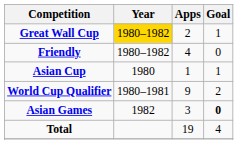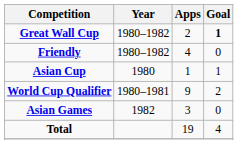 <table class="wikitable" style="font-size:90%; text-align: center;">
 <tr>
 <th>Competition</th>
 <th>Year</th>
 <th>Apps</th>
 <th>Goal</th>
 </tr>
 <tr>
 <td rowspan=1><strong><a href='#'>Great Wall Cup</a></strong></td>
-<td style="background: gold;">1980–1982</td>
+<td>1980–1982</td>
 <td>2</td>
-<td>1</td>
+<td><strong>1</strong></td>
 </tr>
 <tr>
 <td rowspan=1><strong><a href='#'>Friendly</a></strong></td>
 <td>1980–1982</td>
 <td>4</td>
 <td>0</td>
 </tr>
 <tr>
 <td rowspan=1><strong><a href='#'>Asian Cup</a></strong></td>
 <td>1980</td>
 <td>1</td>
 <td>1</td>
 </tr>
 <tr>
 <td rowspan=1><strong><a href='#'>World Cup Qualifier</a></strong></td>
 <td>1980–1981</td>
 <td>9</td>
 <td>2</td>
 </tr>
 <tr>
 <td rowspan=1><strong><a href='#'>Asian Games</a></strong></td>
 <td>1982</td>
 <td>3</td>
-<td><strong>0</strong></td>
+<td>0</td>
 </tr>
 <tr>
 <td rowspan=1><strong>Total</strong></td>
 <td></td>
 <td>19</td>
 <td>4</td>
 </tr>
 <tr>
 </tr>
 <tr>
 </tr>
 </table>
